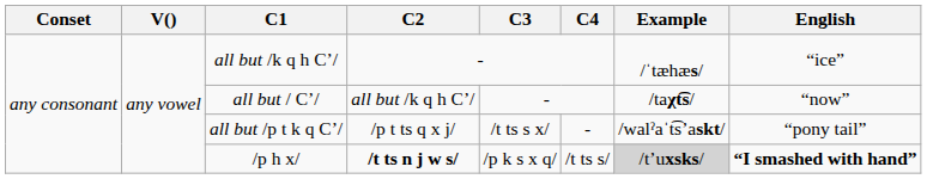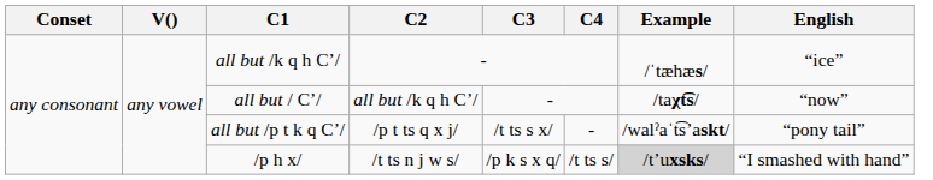 <table class="wikitable" style="text-align:center">
 <tr>
 <th>Conset</th>
 <th>V()</th>
 <th>C1</th>
 <th>C2</th>
 <th>C3</th>
 <th>C4</th>
 <th>Example</th>
 <th>English</th>
 </tr>
 <tr>
 <td rowspan="4"><em>any consonant</em></td>
 <td rowspan="4"><em>any vowel</em></td>
 <td><em>all but</em> /k q h Cʼ/</td>
 <td colspan="3">-</td>
 <td><em></em><br>/ˈtæhæ<strong>s</strong>/</td>
 <td>“ice”</td>
 </tr>
 <tr>
 <td><em>all but</em> / Cʼ/</td>
 <td><em>all but</em> /k q h Cʼ/</td>
 <td colspan="2">-</td>
 <td> /ta<strong>χt͡s</strong>/</td>
 <td>“now”</td>
 </tr>
 <tr>
 <td><em>all but</em> /p t k q Cʼ/</td>
 <td>/p t ts q x j/</td>
 <td>/t ts s x/</td>
 <td>-</td>
 <td> /walˀaˈt͡sʼa<strong>skt</strong>/</td>
 <td>“pony tail”</td>
 </tr>
 <tr>
 <td>/p  h x/</td>
-<td><strong>/t ts n j w s/</strong></td>
+<td>/t ts n j w s/</td>
 <td>/p k s x q/</td>
 <td>/t ts s/</td>
 <td style="background: lightgrey;"> /tʼu<strong>xsks</strong>/</td>
-<td><strong>“I smashed with hand”</strong></td>
+<td>“I smashed with hand”</td>
 </tr>
 </table>
